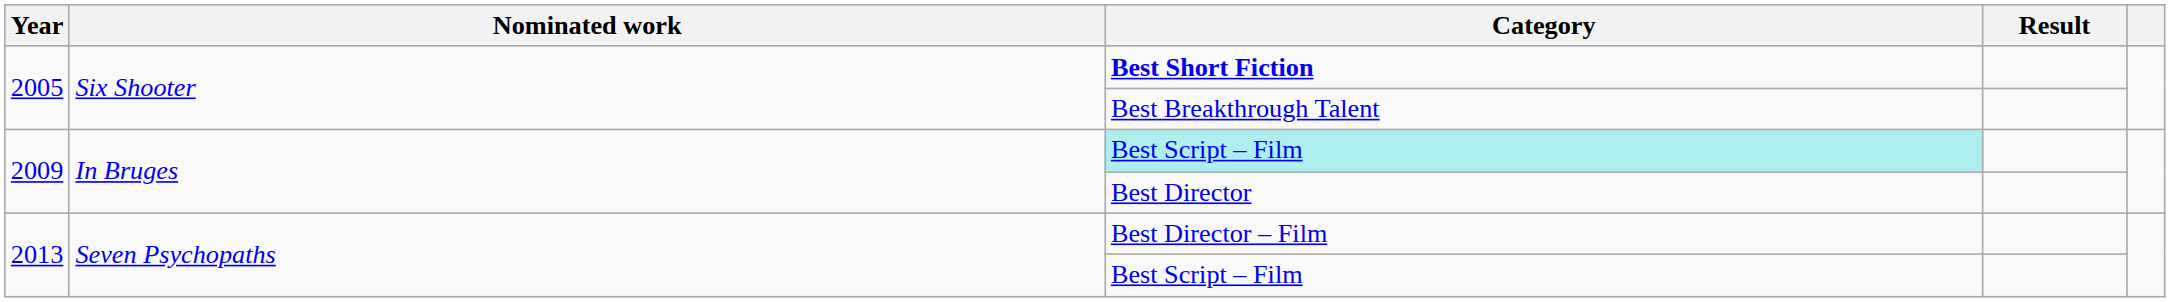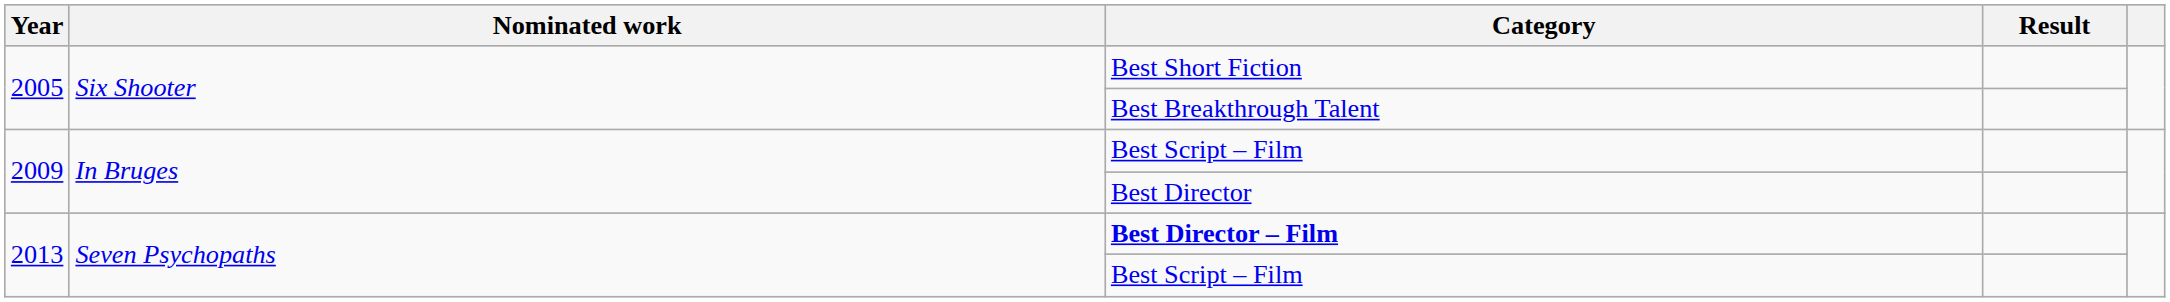 <table class="wikitable">
 <tr>
 <th scope="col" style="width:1em;">Year</th>
 <th scope="col" style="width:39em;">Nominated work</th>
 <th scope="col" style="width:33em;">Category</th>
 <th scope="col" style="width:5em;">Result</th>
 <th scope="col" style="width:1em;"></th>
 </tr>
 <tr>
 <td rowspan="2"><a href='#'>2005</a></td>
 <td rowspan="2"><em><a href='#'>Six Shooter</a></em></td>
-<td><strong><a href='#'>Best Short Fiction</a></strong></td>
+<td><a href='#'>Best Short Fiction</a></td>
 <td></td>
 <td rowspan="2" style="text-align:center;"></td>
 </tr>
 <tr>
 <td><a href='#'>Best Breakthrough Talent</a></td>
 <td></td>
 </tr>
 <tr>
 <td rowspan="2"><a href='#'>2009</a></td>
 <td rowspan="2"><em><a href='#'>In Bruges</a></em></td>
-<td style="background: paleturquoise;"><a href='#'>Best Script – Film</a></td>
+<td><a href='#'>Best Script – Film</a></td>
 <td></td>
 <td rowspan="2" style="text-align:center;"></td>
 </tr>
 <tr>
 <td><a href='#'>Best Director</a></td>
 <td></td>
 </tr>
 <tr>
 <td rowspan="2"><a href='#'>2013</a></td>
 <td rowspan="2"><em><a href='#'>Seven Psychopaths</a></em></td>
-<td><a href='#'>Best Director – Film</a></td>
+<td><strong><a href='#'>Best Director – Film</a></strong></td>
 <td></td>
 <td rowspan="2" style="text-align:center;"></td>
 </tr>
 <tr>
 <td><a href='#'>Best Script – Film</a></td>
 <td></td>
 </tr>
 </table>
